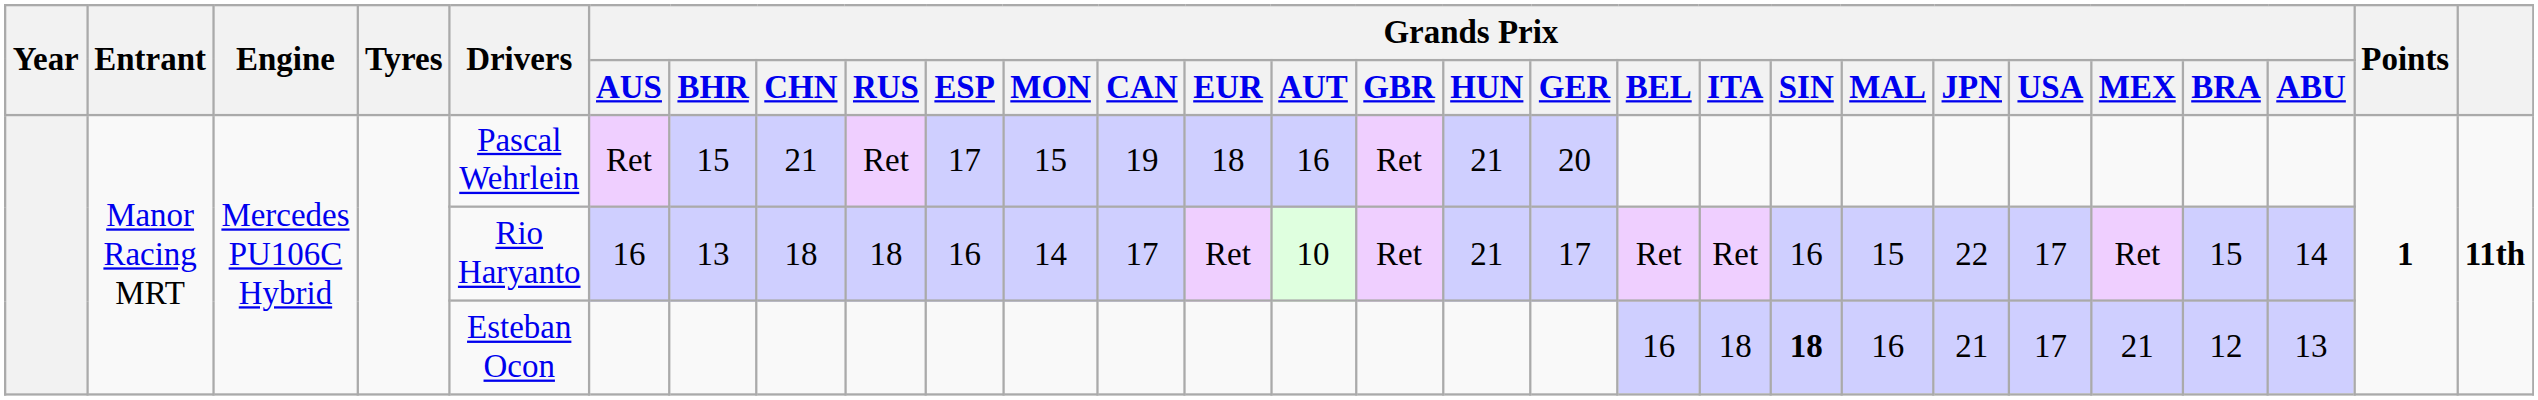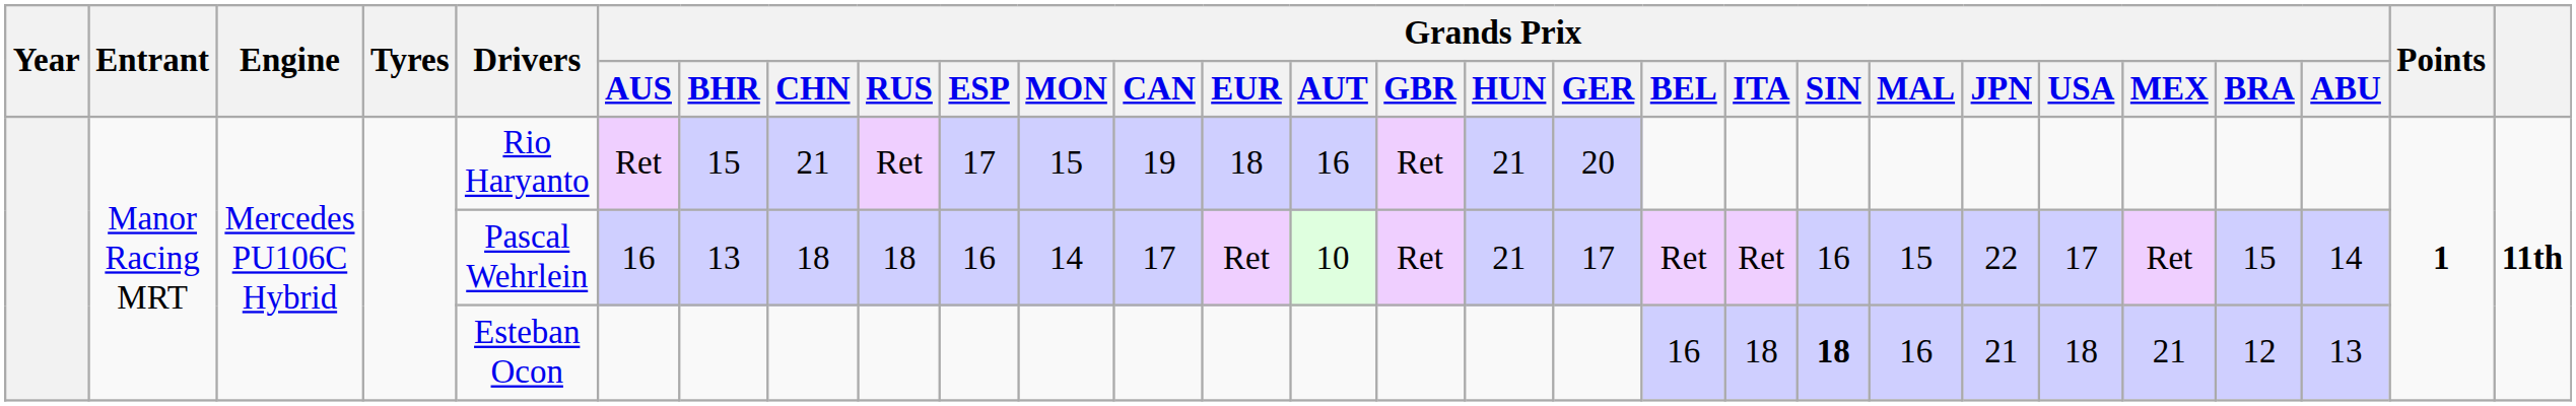 <table class="wikitable" style="text-align:center; font-size:90%">
 <tr>
 <th rowspan="2">Year</th>
 <th rowspan="2">Entrant</th>
 <th rowspan="2">Engine</th>
 <th rowspan="2">Tyres</th>
 <th rowspan="2">Drivers</th>
 <th colspan="21">Grands Prix</th>
 <th rowspan="2">Points</th>
 <th rowspan="2"></th>
 </tr>
 <tr>
 <th><a href='#'>AUS</a></th>
 <th><a href='#'>BHR</a></th>
 <th><a href='#'>CHN</a></th>
 <th><a href='#'>RUS</a></th>
 <th><a href='#'>ESP</a></th>
 <th><a href='#'>MON</a></th>
 <th><a href='#'>CAN</a></th>
 <th><a href='#'>EUR</a></th>
 <th><a href='#'>AUT</a></th>
 <th><a href='#'>GBR</a></th>
 <th><a href='#'>HUN</a></th>
 <th><a href='#'>GER</a></th>
 <th><a href='#'>BEL</a></th>
 <th><a href='#'>ITA</a></th>
 <th><a href='#'>SIN</a></th>
 <th><a href='#'>MAL</a></th>
 <th><a href='#'>JPN</a></th>
 <th><a href='#'>USA</a></th>
 <th><a href='#'>MEX</a></th>
 <th><a href='#'>BRA</a></th>
 <th><a href='#'>ABU</a></th>
 </tr>
 <tr>
 <th rowspan=3></th>
 <td rowspan=3><a href='#'>Manor Racing</a> MRT</td>
 <td rowspan=3><a href='#'>Mercedes PU106C Hybrid</a></td>
 <td rowspan=3></td>
-<td align="center"><a href='#'>Pascal Wehrlein</a></td>
+<td align="center"><a href='#'>Rio Haryanto</a></td>
 <td style="background-color:#efcfff">Ret</td>
 <td style="background-color:#CFCFFF">15</td>
 <td style="background-color:#CFCFFF">21</td>
 <td style="background-color:#efcfff">Ret</td>
 <td style="background-color:#CFCFFF">17</td>
 <td style="background-color:#CFCFFF">15</td>
 <td style="background-color:#CFCFFF">19</td>
 <td style="background-color:#CFCFFF">18</td>
 <td style="background-color:#CFCFFF">16</td>
 <td style="background-color:#efcfff">Ret</td>
 <td style="background-color:#CFCFFF">21</td>
 <td style="background-color:#CFCFFF">20</td>
 <td style="background-color:"></td>
 <td style="background-color:"></td>
 <td style="background-color:"></td>
 <td style="background-color:"></td>
 <td style="background-color:"></td>
 <td style="background-color:"></td>
 <td style="background-color:"></td>
 <td style="background-color:"></td>
 <td style="background-color:"></td>
 <td rowspan="3" style="background-color:"><strong>1</strong></td>
 <td rowspan="3" style="background-color:"><strong>11th</strong></td>
 </tr>
 <tr>
-<td align="center"><a href='#'>Rio Haryanto</a></td>
+<td align="center"><a href='#'>Pascal Wehrlein</a></td>
 <td style="background-color:#CFCFFF">16</td>
 <td style="background-color:#CFCFFF">13</td>
 <td style="background-color:#CFCFFF">18</td>
 <td style="background-color:#CFCFFF">18</td>
 <td style="background-color:#CFCFFF">16</td>
 <td style="background-color:#CFCFFF">14</td>
 <td style="background-color:#CFCFFF">17</td>
 <td style="background-color:#efcfff">Ret</td>
 <td style="background-color:#DFFFDF">10</td>
 <td style="background-color:#efcfff">Ret</td>
 <td style="background-color:#CFCFFF">21</td>
 <td style="background-color:#CFCFFF">17</td>
 <td style="background-color:#efcfff">Ret</td>
 <td style="background-color:#efcfff">Ret</td>
 <td style="background-color:#CFCFFF">16</td>
 <td style="background-color:#CFCFFF">15</td>
 <td style="background-color:#CFCFFF">22</td>
 <td style="background-color:#CFCFFF">17</td>
 <td style="background-color:#efcfff">Ret</td>
 <td style="background-color:#CFCFFF">15</td>
 <td style="background-color:#CFCFFF">14</td>
 </tr>
 <tr>
 <td align="center"><a href='#'>Esteban Ocon</a></td>
 <td style="background-color:"></td>
 <td style="background-color:"></td>
 <td style="background-color:"></td>
 <td style="background-color:"></td>
 <td style="background-color:"></td>
 <td style="background-color:"></td>
 <td style="background-color:"></td>
 <td style="background-color:"></td>
 <td style="background-color:"></td>
 <td style="background-color:"></td>
 <td style="background-color:"></td>
 <td style="background-color:"></td>
 <td style="background-color:#CFCFFF">16</td>
 <td style="background-color:#CFCFFF">18</td>
 <td style="background-color:#CFCFFF"><strong>18</strong></td>
 <td style="background-color:#CFCFFF">16</td>
 <td style="background-color:#CFCFFF">21</td>
-<td style="background-color:#CFCFFF">17</td>
+<td style="background-color:#CFCFFF">18</td>
 <td style="background-color:#CFCFFF">21</td>
 <td style="background-color:#CFCFFF">12</td>
 <td style="background-color:#CFCFFF">13</td>
 </tr>
 </table>
